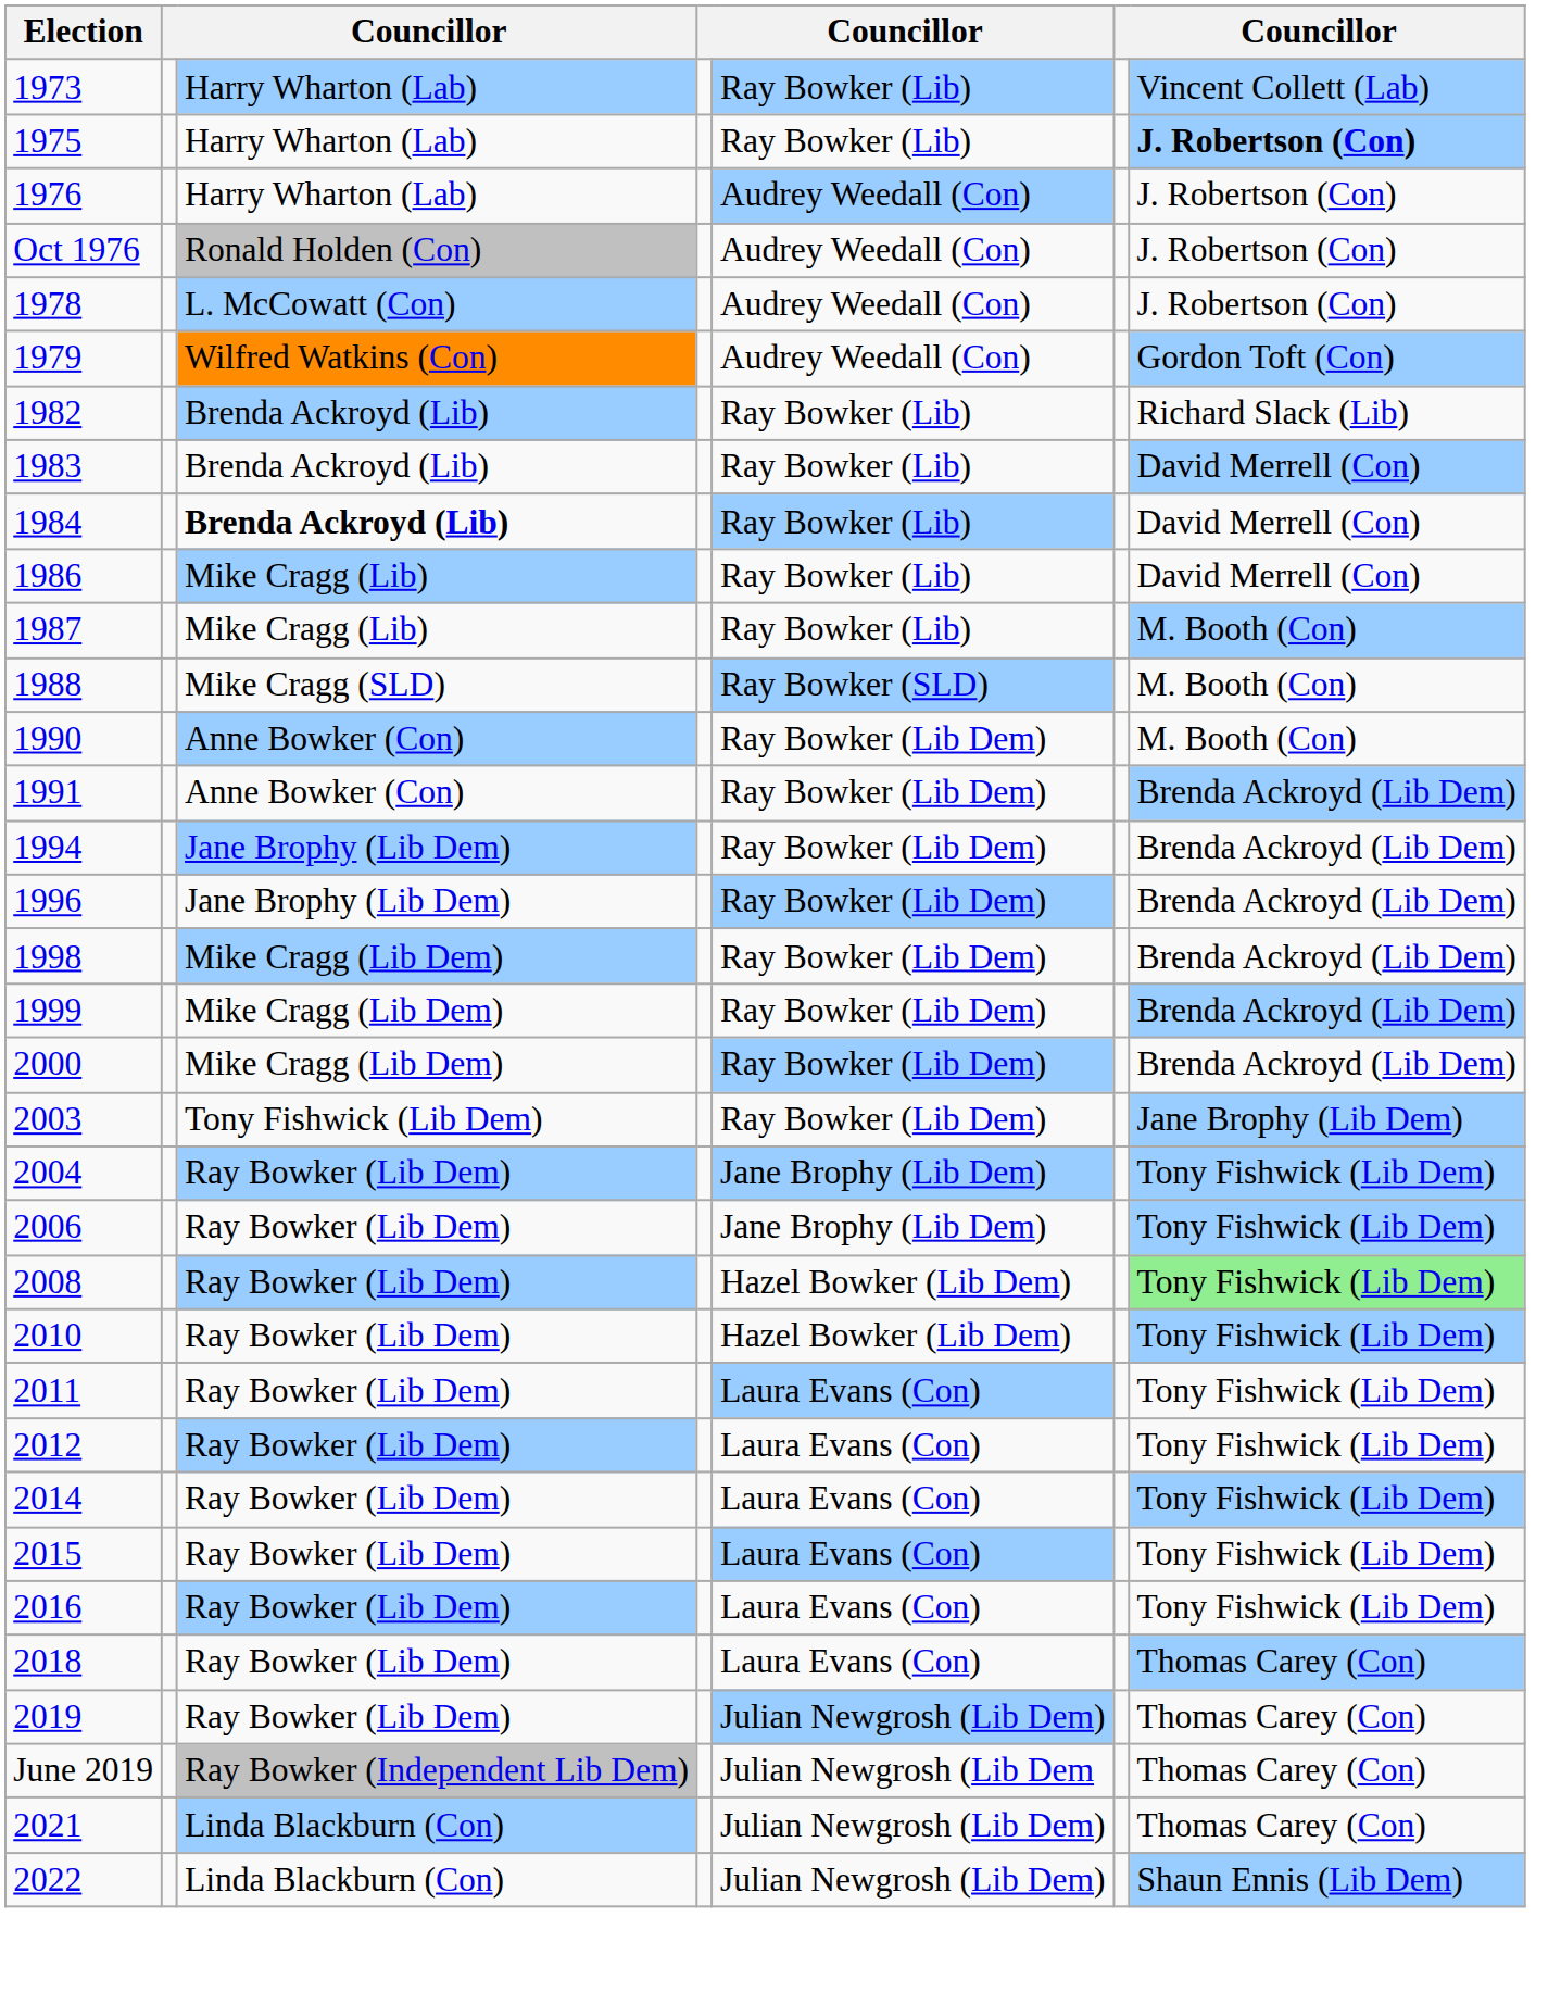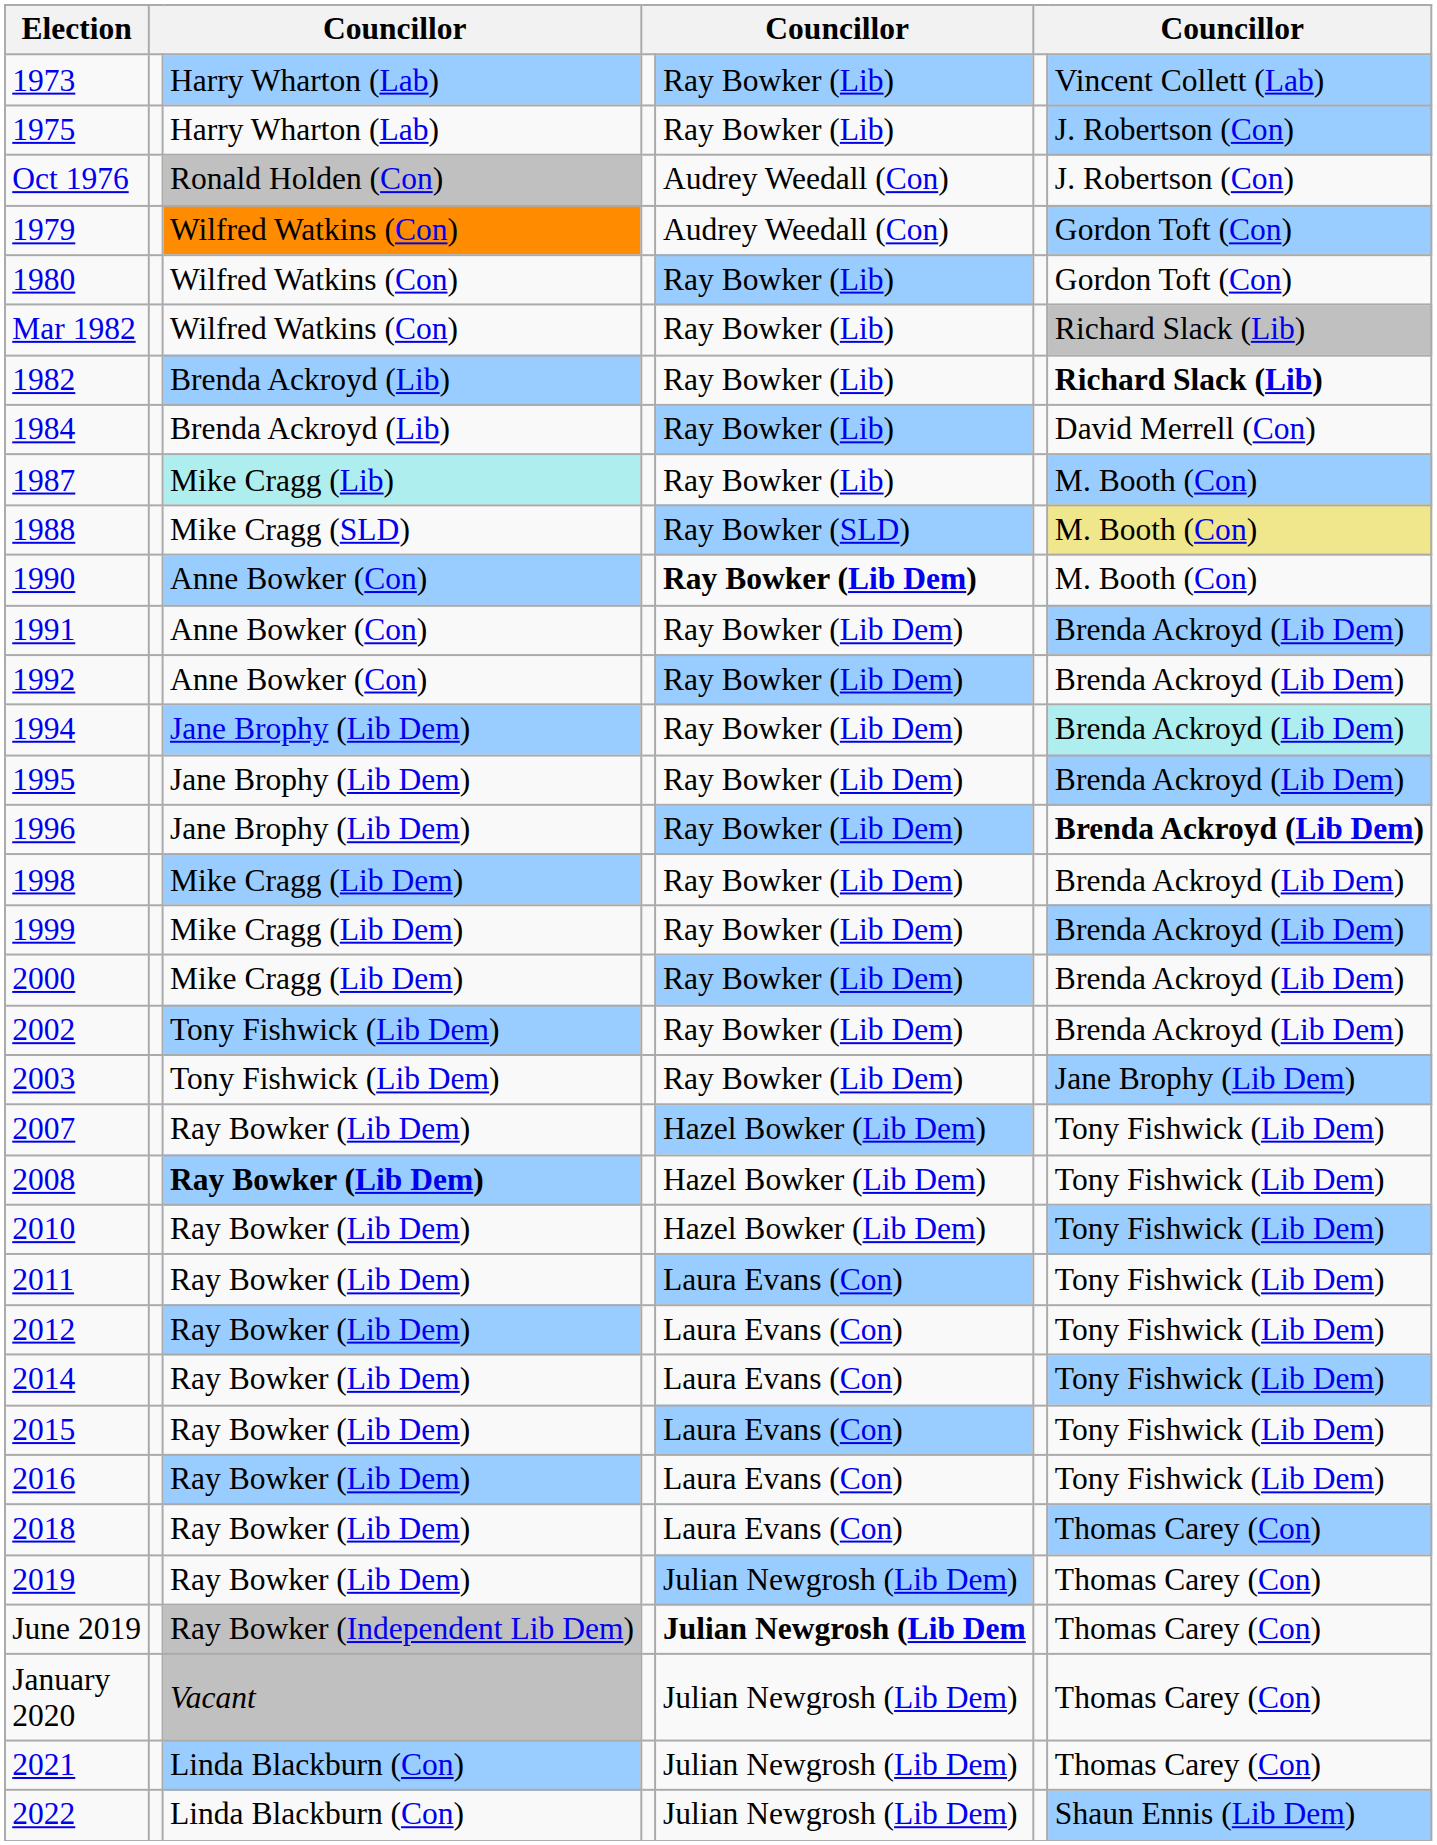 <table class="wikitable">
 <tr>
 <th>Election</th>
 <th colspan="2">Councillor</th>
 <th colspan="2">Councillor</th>
 <th colspan="2">Councillor</th>
 </tr>
 <tr>
 <td><a href='#'>1973</a></td>
 <td style="background-color: "></td>
 <td bgcolor="#99CCFF">Harry Wharton (<a href='#'>Lab</a>)</td>
 <td style="background-color: "></td>
 <td bgcolor="#99CCFF">Ray Bowker (<a href='#'>Lib</a>)</td>
 <td style="background-color: "></td>
 <td bgcolor="#99CCFF">Vincent Collett (<a href='#'>Lab</a>)</td>
 </tr>
 <tr>
 <td><a href='#'>1975</a></td>
 <td style="background-color: "></td>
 <td>Harry Wharton (<a href='#'>Lab</a>)</td>
 <td style="background-color: "></td>
 <td>Ray Bowker (<a href='#'>Lib</a>)</td>
 <td style="background-color: "></td>
-<td bgcolor="#99CCFF"><strong>J. Robertson (<a href='#'>Con</a>)</strong></td>
-</tr>
-<tr>
-<td><a href='#'>1976</a></td>
-<td style="background-color: "></td>
-<td>Harry Wharton (<a href='#'>Lab</a>)</td>
-<td style="background-color: "></td>
-<td bgcolor="#99CCFF">Audrey Weedall (<a href='#'>Con</a>)</td>
-<td style="background-color: "></td>
-<td>J. Robertson (<a href='#'>Con</a>)</td>
+<td bgcolor="#99CCFF">J. Robertson (<a href='#'>Con</a>)</td>
 </tr>
 <tr>
 <td><a href='#'>Oct 1976</a></td>
 <td style="background-color: "></td>
 <td bgcolor="#C0C0C0">Ronald Holden (<a href='#'>Con</a>)</td>
-<td style="background-color: "></td>
-<td>Audrey Weedall (<a href='#'>Con</a>)</td>
-<td style="background-color: "></td>
-<td>J. Robertson (<a href='#'>Con</a>)</td>
-</tr>
-<tr>
-<td><a href='#'>1978</a></td>
-<td style="background-color: "></td>
-<td bgcolor="#99CCFF">L. McCowatt (<a href='#'>Con</a>)</td>
 <td style="background-color: "></td>
 <td>Audrey Weedall (<a href='#'>Con</a>)</td>
 <td style="background-color: "></td>
 <td>J. Robertson (<a href='#'>Con</a>)</td>
 </tr>
 <tr>
 <td><a href='#'>1979</a></td>
 <td style="background-color: "></td>
 <td bgcolor="#FF8C00">Wilfred Watkins (<a href='#'>Con</a>)</td>
 <td style="background-color: "></td>
 <td>Audrey Weedall (<a href='#'>Con</a>)</td>
 <td style="background-color: "></td>
 <td bgcolor="#99CCFF">Gordon Toft (<a href='#'>Con</a>)</td>
 </tr>
 <tr>
+<td><a href='#'>1980</a></td>
+<td style="background-color: "></td>
+<td>Wilfred Watkins (<a href='#'>Con</a>)</td>
+<td style="background-color: "></td>
+<td bgcolor="#99CCFF">Ray Bowker (<a href='#'>Lib</a>)</td>
+<td style="background-color: "></td>
+<td>Gordon Toft (<a href='#'>Con</a>)</td>
+</tr>
+<tr>
+<td><a href='#'>Mar 1982</a></td>
+<td style="background-color: "></td>
+<td>Wilfred Watkins (<a href='#'>Con</a>)</td>
+<td style="background-color: "></td>
+<td>Ray Bowker (<a href='#'>Lib</a>)</td>
+<td style="background-color: "></td>
+<td bgcolor="#C0C0C0">Richard Slack (<a href='#'>Lib</a>)</td>
+</tr>
+<tr>
 <td><a href='#'>1982</a></td>
 <td style="background-color: "></td>
 <td bgcolor="#99CCFF">Brenda Ackroyd (<a href='#'>Lib</a>)</td>
 <td style="background-color: "></td>
 <td>Ray Bowker (<a href='#'>Lib</a>)</td>
 <td style="background-color: "></td>
-<td>Richard Slack (<a href='#'>Lib</a>)</td>
-</tr>
-<tr>
-<td><a href='#'>1983</a></td>
-<td style="background-color: "></td>
-<td>Brenda Ackroyd (<a href='#'>Lib</a>)</td>
-<td style="background-color: "></td>
-<td>Ray Bowker (<a href='#'>Lib</a>)</td>
-<td style="background-color: "></td>
-<td bgcolor="#99CCFF">David Merrell (<a href='#'>Con</a>)</td>
+<td><strong>Richard Slack (<a href='#'>Lib</a>)</strong></td>
 </tr>
 <tr>
 <td><a href='#'>1984</a></td>
 <td style="background-color: "></td>
-<td><strong>Brenda Ackroyd (<a href='#'>Lib</a>)</strong></td>
+<td>Brenda Ackroyd (<a href='#'>Lib</a>)</td>
 <td style="background-color: "></td>
 <td bgcolor="#99CCFF">Ray Bowker (<a href='#'>Lib</a>)</td>
 <td style="background-color: "></td>
 <td>David Merrell (<a href='#'>Con</a>)</td>
 </tr>
 <tr>
-<td><a href='#'>1986</a></td>
-<td style="background-color: "></td>
-<td bgcolor="#99CCFF">Mike Cragg (<a href='#'>Lib</a>)</td>
-<td style="background-color: "></td>
-<td>Ray Bowker (<a href='#'>Lib</a>)</td>
-<td style="background-color: "></td>
-<td>David Merrell (<a href='#'>Con</a>)</td>
-</tr>
-<tr>
 <td><a href='#'>1987</a></td>
 <td style="background-color: "></td>
-<td>Mike Cragg (<a href='#'>Lib</a>)</td>
+<td style="background: paleturquoise;">Mike Cragg (<a href='#'>Lib</a>)</td>
 <td style="background-color: "></td>
 <td>Ray Bowker (<a href='#'>Lib</a>)</td>
 <td style="background-color: "></td>
 <td bgcolor="#99CCFF">M. Booth (<a href='#'>Con</a>)</td>
 </tr>
 <tr>
 <td><a href='#'>1988</a></td>
 <td style="background-color: "></td>
 <td>Mike Cragg (<a href='#'>SLD</a>)</td>
 <td style="background-color: "></td>
 <td bgcolor="#99CCFF">Ray Bowker (<a href='#'>SLD</a>)</td>
 <td style="background-color: "></td>
-<td>M. Booth (<a href='#'>Con</a>)</td>
+<td style="background: khaki;">M. Booth (<a href='#'>Con</a>)</td>
 </tr>
 <tr>
 <td><a href='#'>1990</a></td>
 <td style="background-color: "></td>
 <td bgcolor="#99CCFF">Anne Bowker (<a href='#'>Con</a>)</td>
 <td style="background-color: "></td>
-<td>Ray Bowker (<a href='#'>Lib Dem</a>)</td>
+<td><strong>Ray Bowker (<a href='#'>Lib Dem</a>)</strong></td>
 <td style="background-color: "></td>
 <td>M. Booth (<a href='#'>Con</a>)</td>
 </tr>
 <tr>
 <td><a href='#'>1991</a></td>
 <td style="background-color: "></td>
 <td>Anne Bowker (<a href='#'>Con</a>)</td>
 <td style="background-color: "></td>
 <td>Ray Bowker (<a href='#'>Lib Dem</a>)</td>
 <td style="background-color: "></td>
 <td bgcolor="#99CCFF">Brenda Ackroyd (<a href='#'>Lib Dem</a>)</td>
 </tr>
 <tr>
+<td><a href='#'>1992</a></td>
+<td style="background-color: "></td>
+<td>Anne Bowker (<a href='#'>Con</a>)</td>
+<td style="background-color: "></td>
+<td bgcolor="#99CCFF">Ray Bowker (<a href='#'>Lib Dem</a>)</td>
+<td style="background-color: "></td>
+<td>Brenda Ackroyd (<a href='#'>Lib Dem</a>)</td>
+</tr>
+<tr>
 <td><a href='#'>1994</a></td>
 <td style="background-color: "></td>
 <td bgcolor="#99CCFF"><a href='#'>Jane Brophy</a> (<a href='#'>Lib Dem</a>)</td>
 <td style="background-color: "></td>
 <td>Ray Bowker (<a href='#'>Lib Dem</a>)</td>
 <td style="background-color: "></td>
-<td>Brenda Ackroyd (<a href='#'>Lib Dem</a>)</td>
+<td style="background: paleturquoise;">Brenda Ackroyd (<a href='#'>Lib Dem</a>)</td>
+</tr>
+<tr>
+<td><a href='#'>1995</a></td>
+<td style="background-color: "></td>
+<td>Jane Brophy (<a href='#'>Lib Dem</a>)</td>
+<td style="background-color: "></td>
+<td>Ray Bowker (<a href='#'>Lib Dem</a>)</td>
+<td style="background-color: "></td>
+<td bgcolor="#99CCFF">Brenda Ackroyd (<a href='#'>Lib Dem</a>)</td>
 </tr>
 <tr>
 <td><a href='#'>1996</a></td>
 <td style="background-color: "></td>
 <td>Jane Brophy (<a href='#'>Lib Dem</a>)</td>
 <td style="background-color: "></td>
 <td bgcolor="#99CCFF">Ray Bowker (<a href='#'>Lib Dem</a>)</td>
 <td style="background-color: "></td>
-<td>Brenda Ackroyd (<a href='#'>Lib Dem</a>)</td>
+<td><strong>Brenda Ackroyd (<a href='#'>Lib Dem</a>)</strong></td>
 </tr>
 <tr>
 <td><a href='#'>1998</a></td>
 <td style="background-color: "></td>
 <td bgcolor="#99CCFF">Mike Cragg (<a href='#'>Lib Dem</a>)</td>
 <td style="background-color: "></td>
 <td>Ray Bowker (<a href='#'>Lib Dem</a>)</td>
 <td style="background-color: "></td>
 <td>Brenda Ackroyd (<a href='#'>Lib Dem</a>)</td>
 </tr>
 <tr>
 <td><a href='#'>1999</a></td>
 <td style="background-color: "></td>
 <td>Mike Cragg (<a href='#'>Lib Dem</a>)</td>
 <td style="background-color: "></td>
 <td>Ray Bowker (<a href='#'>Lib Dem</a>)</td>
 <td style="background-color: "></td>
 <td bgcolor="#99CCFF">Brenda Ackroyd (<a href='#'>Lib Dem</a>)</td>
 </tr>
 <tr>
 <td><a href='#'>2000</a></td>
 <td style="background-color: "></td>
 <td>Mike Cragg (<a href='#'>Lib Dem</a>)</td>
 <td style="background-color: "></td>
 <td bgcolor="#99CCFF">Ray Bowker (<a href='#'>Lib Dem</a>)</td>
 <td style="background-color: "></td>
 <td>Brenda Ackroyd (<a href='#'>Lib Dem</a>)</td>
 </tr>
 <tr>
+<td><a href='#'>2002</a></td>
+<td style="background-color: "></td>
+<td bgcolor="#99CCFF">Tony Fishwick (<a href='#'>Lib Dem</a>)</td>
+<td style="background-color: "></td>
+<td>Ray Bowker (<a href='#'>Lib Dem</a>)</td>
+<td style="background-color: "></td>
+<td>Brenda Ackroyd (<a href='#'>Lib Dem</a>)</td>
+</tr>
+<tr>
 <td><a href='#'>2003</a></td>
 <td style="background-color: "></td>
 <td>Tony Fishwick (<a href='#'>Lib Dem</a>)</td>
 <td style="background-color: "></td>
 <td>Ray Bowker (<a href='#'>Lib Dem</a>)</td>
 <td style="background-color: "></td>
 <td bgcolor="#99CCFF">Jane Brophy (<a href='#'>Lib Dem</a>)</td>
 </tr>
 <tr>
-<td><a href='#'>2004</a></td>
-<td style="background-color: "></td>
-<td bgcolor="#99CCFF">Ray Bowker (<a href='#'>Lib Dem</a>)</td>
-<td style="background-color: "></td>
-<td bgcolor="#99CCFF">Jane Brophy (<a href='#'>Lib Dem</a>)</td>
-<td style="background-color: "></td>
-<td bgcolor="#99CCFF">Tony Fishwick (<a href='#'>Lib Dem</a>)</td>
-</tr>
-<tr>
-<td><a href='#'>2006</a></td>
+<td><a href='#'>2007</a></td>
 <td style="background-color: "></td>
 <td>Ray Bowker (<a href='#'>Lib Dem</a>)</td>
 <td style="background-color: "></td>
-<td>Jane Brophy (<a href='#'>Lib Dem</a>)</td>
+<td bgcolor="#99CCFF">Hazel Bowker (<a href='#'>Lib Dem</a>)</td>
 <td style="background-color: "></td>
-<td bgcolor="#99CCFF">Tony Fishwick (<a href='#'>Lib Dem</a>)</td>
+<td>Tony Fishwick (<a href='#'>Lib Dem</a>)</td>
 </tr>
 <tr>
 <td><a href='#'>2008</a></td>
 <td style="background-color: "></td>
-<td bgcolor="#99CCFF">Ray Bowker (<a href='#'>Lib Dem</a>)</td>
+<td bgcolor="#99CCFF"><strong>Ray Bowker (<a href='#'>Lib Dem</a>)</strong></td>
 <td style="background-color: "></td>
 <td>Hazel Bowker (<a href='#'>Lib Dem</a>)</td>
 <td style="background-color: "></td>
-<td style="background: lightgreen;">Tony Fishwick (<a href='#'>Lib Dem</a>)</td>
+<td>Tony Fishwick (<a href='#'>Lib Dem</a>)</td>
 </tr>
 <tr>
 <td><a href='#'>2010</a></td>
 <td style="background-color: "></td>
 <td>Ray Bowker (<a href='#'>Lib Dem</a>)</td>
 <td style="background-color: "></td>
 <td>Hazel Bowker (<a href='#'>Lib Dem</a>)</td>
 <td style="background-color: "></td>
 <td bgcolor="#99CCFF">Tony Fishwick (<a href='#'>Lib Dem</a>)</td>
 </tr>
 <tr>
 <td><a href='#'>2011</a></td>
 <td style="background-color: "></td>
 <td>Ray Bowker (<a href='#'>Lib Dem</a>)</td>
 <td style="background-color: "></td>
 <td bgcolor="#99CCFF">Laura Evans (<a href='#'>Con</a>)</td>
 <td style="background-color: "></td>
 <td>Tony Fishwick (<a href='#'>Lib Dem</a>)</td>
 </tr>
 <tr>
 <td><a href='#'>2012</a></td>
 <td style="background-color: "></td>
 <td bgcolor="#99CCFF">Ray Bowker (<a href='#'>Lib Dem</a>)</td>
 <td style="background-color: "></td>
 <td>Laura Evans (<a href='#'>Con</a>)</td>
 <td style="background-color: "></td>
 <td>Tony Fishwick (<a href='#'>Lib Dem</a>)</td>
 </tr>
 <tr>
 <td><a href='#'>2014</a></td>
 <td style="background-color: "></td>
 <td>Ray Bowker (<a href='#'>Lib Dem</a>)</td>
 <td style="background-color: "></td>
 <td>Laura Evans (<a href='#'>Con</a>)</td>
 <td style="background-color: "></td>
 <td bgcolor="#99CCFF">Tony Fishwick (<a href='#'>Lib Dem</a>)</td>
 </tr>
 <tr>
 <td><a href='#'>2015</a></td>
 <td style="background-color: "></td>
 <td>Ray Bowker (<a href='#'>Lib Dem</a>)</td>
 <td style="background-color: "></td>
 <td bgcolor="#99CCFF">Laura Evans (<a href='#'>Con</a>)</td>
 <td style="background-color: "></td>
 <td>Tony Fishwick (<a href='#'>Lib Dem</a>)</td>
 </tr>
 <tr>
 <td><a href='#'>2016</a></td>
 <td style="background-color: "></td>
 <td bgcolor="#99CCFF">Ray Bowker (<a href='#'>Lib Dem</a>)</td>
 <td style="background-color: "></td>
 <td>Laura Evans (<a href='#'>Con</a>)</td>
 <td style="background-color: "></td>
 <td>Tony Fishwick (<a href='#'>Lib Dem</a>)</td>
 </tr>
 <tr>
 <td><a href='#'>2018</a></td>
 <td style="background-color: "></td>
 <td>Ray Bowker (<a href='#'>Lib Dem</a>)</td>
 <td style="background-color: "></td>
 <td>Laura Evans (<a href='#'>Con</a>)</td>
 <td style="background-color: "></td>
 <td bgcolor="#99CCFF">Thomas Carey (<a href='#'>Con</a>)</td>
 </tr>
 <tr>
 <td><a href='#'>2019</a></td>
 <td style="background-color: "></td>
 <td>Ray Bowker (<a href='#'>Lib Dem</a>)</td>
 <td style="background-color: "></td>
 <td bgcolor="#99CCFF">Julian Newgrosh (<a href='#'>Lib Dem</a>)</td>
 <td style="background-color: "></td>
 <td>Thomas Carey (<a href='#'>Con</a>)</td>
 </tr>
 <tr>
 <td>June 2019</td>
 <td style="background-color: "></td>
 <td bgcolor="#C0C0C0">Ray Bowker (<a href='#'>Independent Lib Dem</a>)</td>
 <td style="background-color: "></td>
-<td>Julian Newgrosh (<a href='#'>Lib Dem</a></td>
+<td><strong>Julian Newgrosh (<a href='#'>Lib Dem</a></strong></td>
+<td style="background-color: "></td>
+<td>Thomas Carey (<a href='#'>Con</a>)</td>
+</tr>
+<tr>
+<td>January<br>2020</td>
+<td style="background-color: "></td>
+<td bgcolor="#C0C0C0"><em>Vacant</em></td>
+<td style="background-color: "></td>
+<td>Julian Newgrosh (<a href='#'>Lib Dem</a>)</td>
 <td style="background-color: "></td>
 <td>Thomas Carey (<a href='#'>Con</a>)</td>
 </tr>
 <tr>
 <td><a href='#'>2021</a></td>
 <td style="background-color: "></td>
 <td bgcolor="#99CCFF">Linda Blackburn (<a href='#'>Con</a>)</td>
 <td style="background-color: "></td>
 <td>Julian Newgrosh (<a href='#'>Lib Dem</a>)</td>
 <td style="background-color: "></td>
 <td>Thomas Carey (<a href='#'>Con</a>)</td>
 </tr>
 <tr>
 <td><a href='#'>2022</a></td>
 <td style="background-color: "></td>
 <td>Linda Blackburn (<a href='#'>Con</a>)</td>
 <td style="background-color: "></td>
 <td>Julian Newgrosh (<a href='#'>Lib Dem</a>)</td>
 <td style="background-color: "></td>
 <td bgcolor="#99CCFF">Shaun Ennis (<a href='#'>Lib Dem</a>)</td>
 </tr>
 </table>
